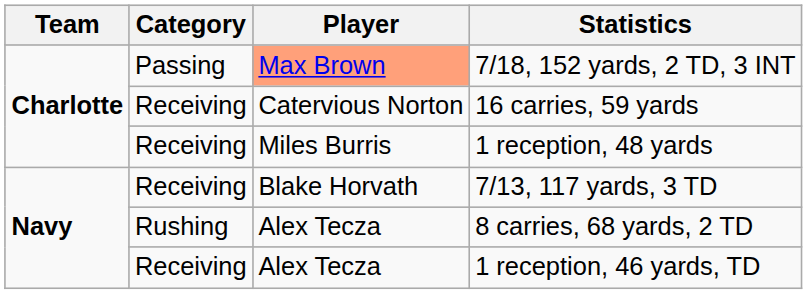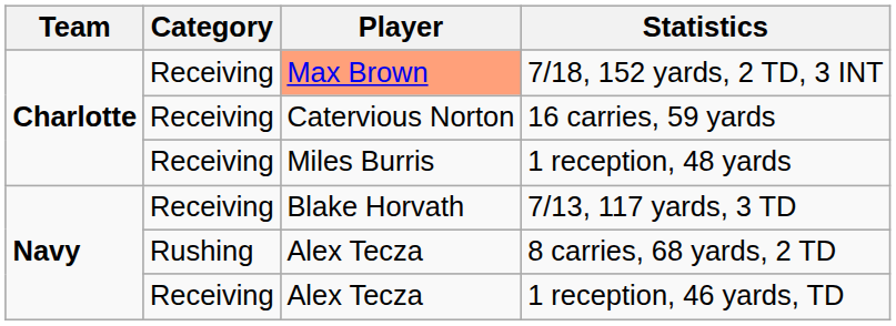 <table class="wikitable" style="float: right;">
 <tr>
 <th>Team</th>
 <th>Category</th>
 <th>Player</th>
 <th>Statistics</th>
 </tr>
 <tr>
 <td rowspan=3><strong>Charlotte</strong></td>
-<td>Passing</td>
+<td>Receiving</td>
 <td style="background: lightsalmon;"><a href='#'>Max Brown</a></td>
 <td>7/18, 152 yards, 2 TD, 3 INT</td>
 </tr>
 <tr>
 <td>Receiving</td>
 <td>Catervious Norton</td>
 <td>16 carries, 59 yards</td>
 </tr>
 <tr>
 <td>Receiving</td>
 <td>Miles Burris</td>
 <td>1 reception, 48 yards</td>
 </tr>
 <tr>
 <td rowspan=3><strong>Navy</strong></td>
 <td>Receiving</td>
 <td>Blake Horvath</td>
 <td>7/13, 117 yards, 3 TD</td>
 </tr>
 <tr>
 <td>Rushing</td>
 <td>Alex Tecza</td>
 <td>8 carries, 68 yards, 2 TD</td>
 </tr>
 <tr>
 <td>Receiving</td>
 <td>Alex Tecza</td>
 <td>1 reception, 46 yards, TD</td>
 </tr>
 </table>
